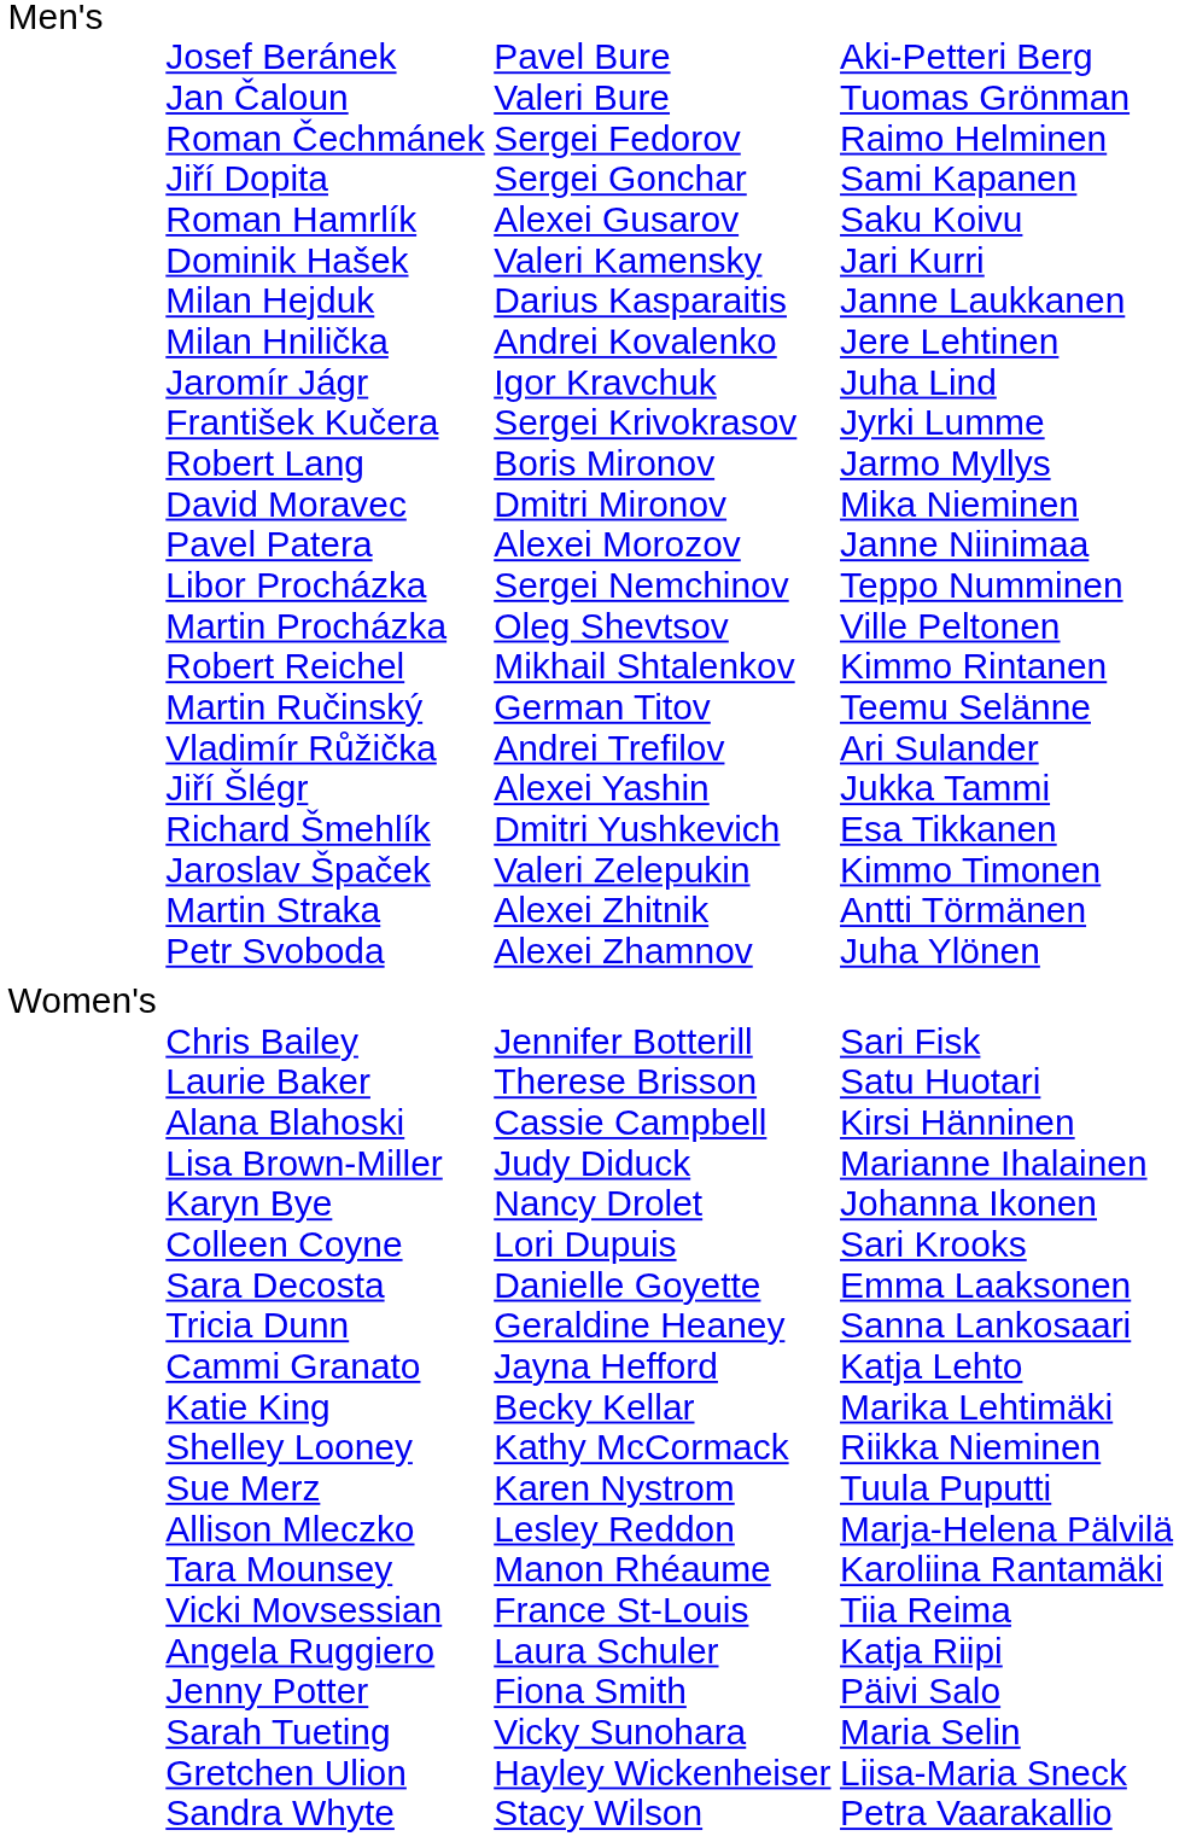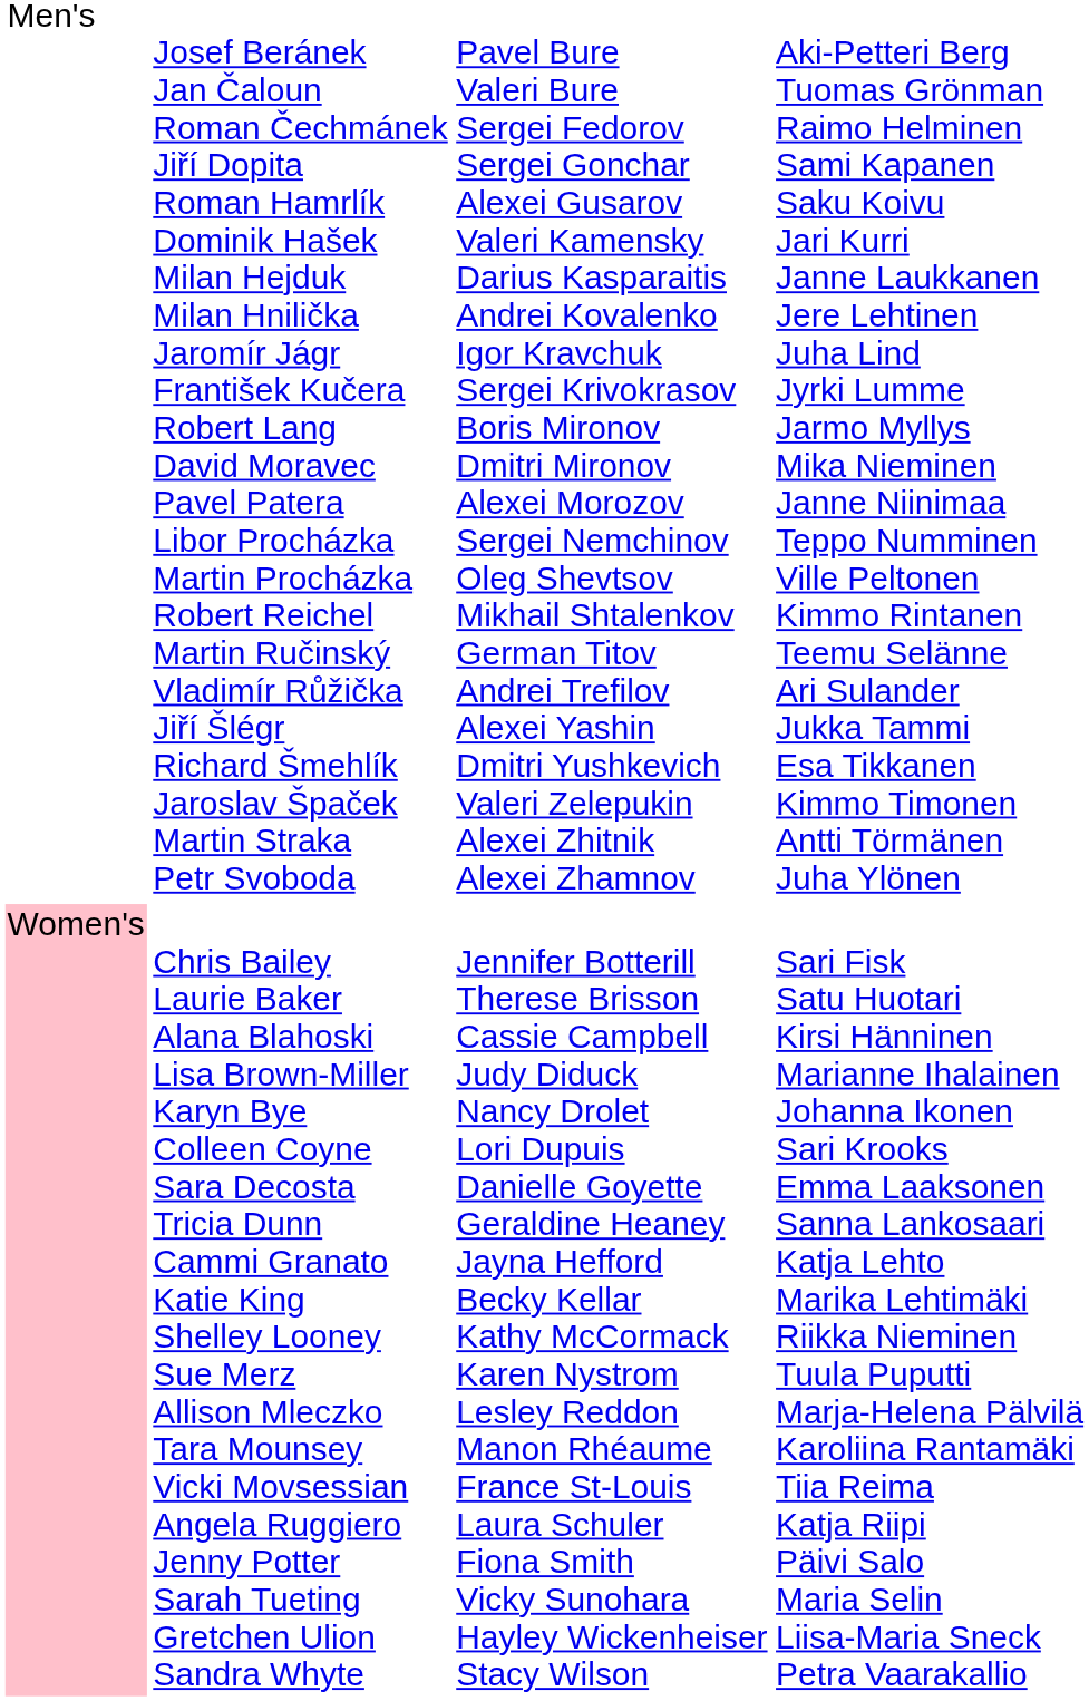 <table>
 <tr valign="top">
 <td>Men's<br></td>
 <td><br><a href='#'>Josef Beránek</a><br><a href='#'>Jan Čaloun</a><br><a href='#'>Roman Čechmánek</a><br><a href='#'>Jiří Dopita</a><br><a href='#'>Roman Hamrlík</a><br><a href='#'>Dominik Hašek</a><br><a href='#'>Milan Hejduk</a><br><a href='#'>Milan Hnilička</a><br><a href='#'>Jaromír Jágr</a><br><a href='#'>František Kučera</a><br><a href='#'>Robert Lang</a><br><a href='#'>David Moravec</a><br><a href='#'>Pavel Patera</a><br><a href='#'>Libor Procházka</a><br><a href='#'>Martin Procházka</a><br><a href='#'>Robert Reichel</a><br><a href='#'>Martin Ručinský</a><br><a href='#'>Vladimír Růžička</a><br><a href='#'>Jiří Šlégr</a><br><a href='#'>Richard Šmehlík</a><br><a href='#'>Jaroslav Špaček</a><br><a href='#'>Martin Straka</a><br><a href='#'>Petr Svoboda</a></td>
 <td><br><a href='#'>Pavel Bure</a><br><a href='#'>Valeri Bure</a><br><a href='#'>Sergei Fedorov</a><br><a href='#'>Sergei Gonchar</a><br><a href='#'>Alexei Gusarov</a><br><a href='#'>Valeri Kamensky</a><br><a href='#'>Darius Kasparaitis</a><br><a href='#'>Andrei Kovalenko</a><br><a href='#'>Igor Kravchuk</a><br><a href='#'>Sergei Krivokrasov</a><br><a href='#'>Boris Mironov</a><br><a href='#'>Dmitri Mironov</a><br><a href='#'>Alexei Morozov</a><br><a href='#'>Sergei Nemchinov</a><br><a href='#'>Oleg Shevtsov</a><br><a href='#'>Mikhail Shtalenkov</a><br><a href='#'>German Titov</a><br><a href='#'>Andrei Trefilov</a><br><a href='#'>Alexei Yashin</a><br><a href='#'>Dmitri Yushkevich</a><br><a href='#'>Valeri Zelepukin</a><br><a href='#'>Alexei Zhitnik</a><br><a href='#'>Alexei Zhamnov</a></td>
 <td><br><a href='#'>Aki-Petteri Berg</a><br><a href='#'>Tuomas Grönman</a><br><a href='#'>Raimo Helminen</a><br><a href='#'>Sami Kapanen</a><br><a href='#'>Saku Koivu</a><br><a href='#'>Jari Kurri</a><br><a href='#'>Janne Laukkanen</a><br><a href='#'>Jere Lehtinen</a><br><a href='#'>Juha Lind</a><br><a href='#'>Jyrki Lumme</a><br><a href='#'>Jarmo Myllys</a><br><a href='#'>Mika Nieminen</a><br><a href='#'>Janne Niinimaa</a><br><a href='#'>Teppo Numminen</a><br><a href='#'>Ville Peltonen</a><br><a href='#'>Kimmo Rintanen</a><br><a href='#'>Teemu Selänne</a><br><a href='#'>Ari Sulander</a><br><a href='#'>Jukka Tammi</a><br><a href='#'>Esa Tikkanen</a><br><a href='#'>Kimmo Timonen</a><br><a href='#'>Antti Törmänen</a><br><a href='#'>Juha Ylönen</a></td>
 </tr>
 <tr valign="top">
-<td>Women's<br></td>
+<td style="background: pink;">Women's<br></td>
 <td><br><a href='#'>Chris Bailey</a><br><a href='#'>Laurie Baker</a><br><a href='#'>Alana Blahoski</a><br><a href='#'>Lisa Brown-Miller</a><br><a href='#'>Karyn Bye</a><br><a href='#'>Colleen Coyne</a><br><a href='#'>Sara Decosta</a><br><a href='#'>Tricia Dunn</a><br><a href='#'>Cammi Granato</a><br><a href='#'>Katie King</a><br><a href='#'>Shelley Looney</a><br><a href='#'>Sue Merz</a><br><a href='#'>Allison Mleczko</a><br><a href='#'>Tara Mounsey</a><br><a href='#'>Vicki Movsessian</a><br><a href='#'>Angela Ruggiero</a><br><a href='#'>Jenny Potter</a><br><a href='#'>Sarah Tueting</a><br><a href='#'>Gretchen Ulion</a><br><a href='#'>Sandra Whyte</a></td>
 <td><br><a href='#'>Jennifer Botterill</a><br><a href='#'>Therese Brisson</a><br><a href='#'>Cassie Campbell</a><br><a href='#'>Judy Diduck</a><br><a href='#'>Nancy Drolet</a><br><a href='#'>Lori Dupuis</a><br><a href='#'>Danielle Goyette</a><br><a href='#'>Geraldine Heaney</a><br><a href='#'>Jayna Hefford</a><br><a href='#'>Becky Kellar</a><br><a href='#'>Kathy McCormack</a><br><a href='#'>Karen Nystrom</a><br><a href='#'>Lesley Reddon</a><br><a href='#'>Manon Rhéaume</a><br><a href='#'>France St-Louis</a><br><a href='#'>Laura Schuler</a><br><a href='#'>Fiona Smith</a><br><a href='#'>Vicky Sunohara</a><br><a href='#'>Hayley Wickenheiser</a><br><a href='#'>Stacy Wilson</a></td>
 <td><br><a href='#'>Sari Fisk</a><br><a href='#'>Satu Huotari</a><br><a href='#'>Kirsi Hänninen</a><br><a href='#'>Marianne Ihalainen</a><br><a href='#'>Johanna Ikonen</a><br><a href='#'>Sari Krooks</a><br><a href='#'>Emma Laaksonen</a><br><a href='#'>Sanna Lankosaari</a><br><a href='#'>Katja Lehto</a><br><a href='#'>Marika Lehtimäki</a><br><a href='#'>Riikka Nieminen</a><br><a href='#'>Tuula Puputti</a><br><a href='#'>Marja-Helena Pälvilä</a><br><a href='#'>Karoliina Rantamäki</a><br><a href='#'>Tiia Reima</a><br><a href='#'>Katja Riipi</a><br><a href='#'>Päivi Salo</a><br><a href='#'>Maria Selin</a><br><a href='#'>Liisa-Maria Sneck</a><br><a href='#'>Petra Vaarakallio</a></td>
 </tr>
 </table>
